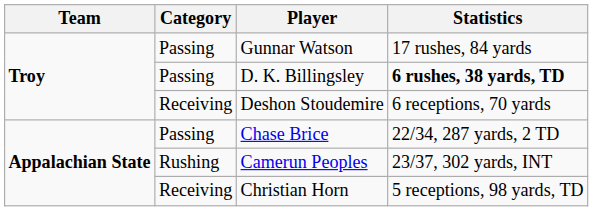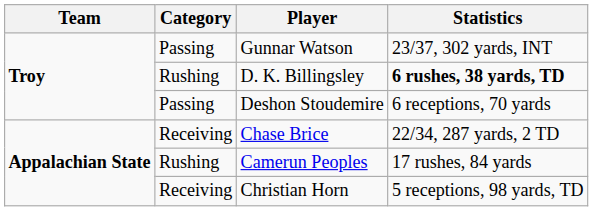 <table class="wikitable" style="float: right;">
 <tr>
 <th>Team</th>
 <th>Category</th>
 <th>Player</th>
 <th>Statistics</th>
 </tr>
 <tr>
 <td rowspan=3><strong>Troy</strong></td>
 <td>Passing</td>
 <td>Gunnar Watson</td>
-<td>17 rushes, 84 yards</td>
+<td>23/37, 302 yards, INT</td>
 </tr>
 <tr>
-<td>Passing</td>
+<td>Rushing</td>
 <td>D. K. Billingsley</td>
 <td><strong>6 rushes, 38 yards, TD</strong></td>
 </tr>
 <tr>
-<td>Receiving</td>
+<td>Passing</td>
 <td>Deshon Stoudemire</td>
 <td>6 receptions, 70 yards</td>
 </tr>
 <tr>
 <td rowspan=3><strong>Appalachian State</strong></td>
-<td>Passing</td>
+<td>Receiving</td>
 <td><a href='#'>Chase Brice</a></td>
 <td>22/34, 287 yards, 2 TD</td>
 </tr>
 <tr>
 <td>Rushing</td>
 <td><a href='#'>Camerun Peoples</a></td>
-<td>23/37, 302 yards, INT</td>
+<td>17 rushes, 84 yards</td>
 </tr>
 <tr>
 <td>Receiving</td>
 <td>Christian Horn</td>
 <td>5 receptions, 98 yards, TD</td>
 </tr>
 </table>
